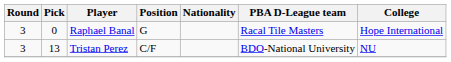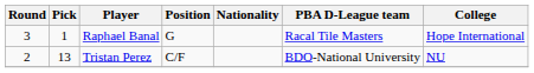 <table class="wikitable sortable sortable">
 <tr>
 <th>Round</th>
 <th>Pick</th>
 <th>Player</th>
 <th>Position</th>
 <th>Nationality</th>
 <th>PBA D-League team</th>
 <th>College</th>
 </tr>
 <tr>
 <td align=center>3</td>
-<td align=center>0</td>
+<td align=center>1</td>
 <td><a href='#'>Raphael Banal</a></td>
 <td>G</td>
 <td></td>
 <td><a href='#'>Racal Tile Masters</a></td>
 <td><a href='#'>Hope International</a></td>
 </tr>
 <tr>
-<td align=center>3</td>
+<td align=center>2</td>
 <td align=center>13</td>
 <td><a href='#'>Tristan Perez</a></td>
 <td>C/F</td>
 <td></td>
 <td><a href='#'>BDO</a>-National University</td>
 <td><a href='#'>NU</a></td>
 </tr>
 <tr>
 </tr>
 </table>
